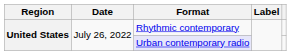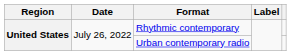 <table class="wikitable plainrowheaders">
 <tr>
 <th scope="col">Region</th>
 <th scope="col">Date</th>
 <th scope="col">Format</th>
 <th scope="col">Label</th>
 <th scope="col"></th>
 </tr>
 <tr>
 <th scope="row" rowspan="2">United States</th>
 <td rowspan="2">July 26, 2022</td>
 <td><a href='#'>Rhythmic contemporary</a></td>
 <td rowspan="2"></td>
 <td></td>
 </tr>
 <tr>
-<td style="background: lavender;"><a href='#'>Urban contemporary radio</a></td>
+<td><a href='#'>Urban contemporary radio</a></td>
 <td></td>
 </tr>
 </table>
